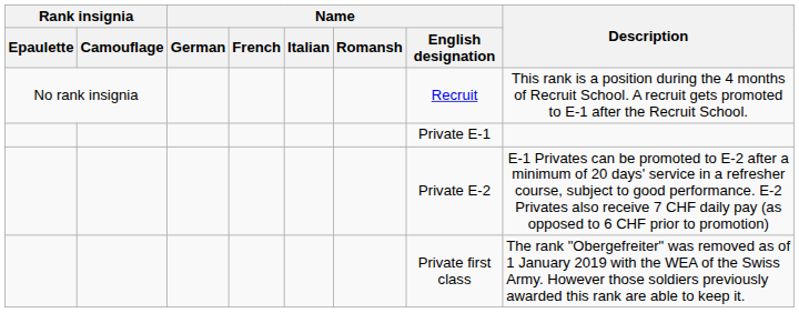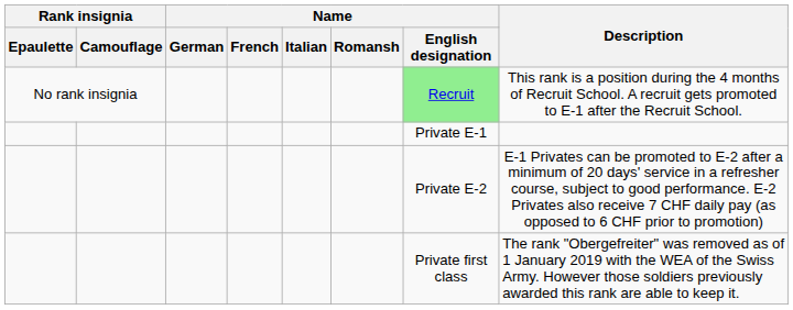 <table class="wikitable" style="text-align:center;">
 <tr>
 <th colspan=2>Rank insignia</th>
 <th colspan=5>Name</th>
 <th rowspan=2>Description</th>
 </tr>
 <tr>
 <th>Epaulette</th>
 <th>Camouflage</th>
 <th>German</th>
 <th>French</th>
 <th>Italian</th>
 <th>Romansh<br></th>
 <th>English designation</th>
 </tr>
 <tr>
 <td colspan=2>No rank insignia</td>
 <td><br></td>
 <td><br></td>
 <td></td>
 <td></td>
-<td><a href='#'>Recruit</a></td>
+<td style="background: lightgreen;"><a href='#'>Recruit</a></td>
 <td>This rank is a position during the 4 months of Recruit School. A recruit gets promoted to E-1 after the Recruit School.</td>
 </tr>
 <tr>
 <td></td>
 <td></td>
 <td><br></td>
 <td><br></td>
 <td></td>
 <td></td>
 <td>Private E-1</td>
 <td></td>
 </tr>
 <tr>
 <td></td>
 <td></td>
 <td><br></td>
 <td><br></td>
 <td></td>
 <td></td>
 <td>Private E-2</td>
 <td>E-1 Privates can be promoted to E-2 after a minimum of 20 days' service in a refresher course, subject to good performance. E-2 Privates also receive 7 CHF daily pay (as opposed to 6 CHF prior to promotion)</td>
 </tr>
 <tr>
 <td></td>
 <td></td>
 <td><br></td>
 <td><br></td>
 <td></td>
 <td></td>
 <td>Private first class</td>
 <td style="text-align:left;">The rank "Obergefreiter" was removed as of 1 January 2019 with the WEA of the Swiss Army. However those soldiers previously awarded this rank are able to keep it.</td>
 </tr>
 </table>
